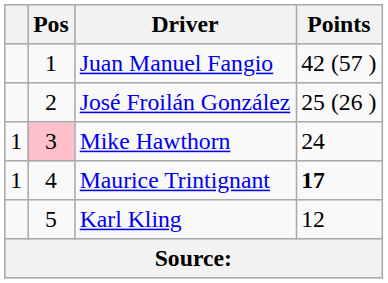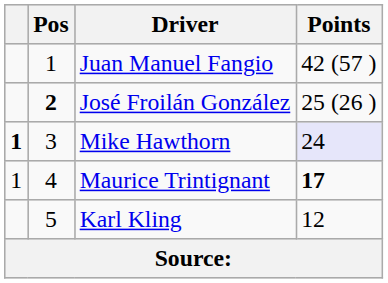 <table class="wikitable" style="font-size: 95%;">
 <tr>
 <th></th>
 <th>Pos</th>
 <th>Driver</th>
 <th>Points</th>
 </tr>
 <tr>
 <td align="left"></td>
 <td align="center">1</td>
 <td> <a href='#'>Juan Manuel Fangio</a></td>
 <td align="left">42 (57 )</td>
 </tr>
 <tr>
 <td align="left"></td>
-<td align="center">2</td>
+<td align="center"><strong>2</strong></td>
 <td> <a href='#'>José Froilán González</a></td>
 <td align="left">25  (26 )</td>
 </tr>
 <tr>
-<td align="left"> 1</td>
-<td align="center" style="background: pink;">3</td>
+<td align="left"><strong> 1</strong></td>
+<td align="center">3</td>
 <td> <a href='#'>Mike Hawthorn</a></td>
-<td align="left">24 </td>
+<td align="left" style="background: lavender;">24 </td>
 </tr>
 <tr>
 <td align="left"> 1</td>
 <td align="center">4</td>
 <td> <a href='#'>Maurice Trintignant</a></td>
 <td align="left"><strong>17</strong></td>
 </tr>
 <tr>
 <td align="left"></td>
 <td align="center">5</td>
 <td> <a href='#'>Karl Kling</a></td>
 <td align="left">12</td>
 </tr>
 <tr>
 <th colspan=4>Source: </th>
 </tr>
 </table>
